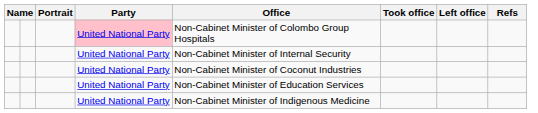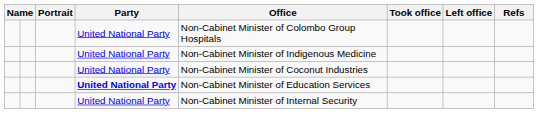 <table class="wikitable plainrowheaders sortable" style="font-size:90%; text-align:left;">
 <tr>
 <th scope=col colspan="2">Name</th>
 <th scope=col class=unsortable>Portrait</th>
 <th scope=col>Party</th>
 <th scope=col width=300px>Office</th>
 <th scope=col>Took office</th>
 <th scope=col>Left office</th>
 <th scope=col width=50px class=unsortable>Refs</th>
 </tr>
 <tr>
 <td !align="center" style="background:"></td>
 <td></td>
 <td align=center></td>
-<td style="background: pink;"><a href='#'>United National Party</a></td>
+<td><a href='#'>United National Party</a></td>
 <td>Non-Cabinet Minister of Colombo Group Hospitals</td>
 <td align=center></td>
 <td></td>
 <td align=center></td>
 </tr>
 <tr>
 <td !align="center" style="background:"></td>
 <td></td>
 <td align=center></td>
 <td><a href='#'>United National Party</a></td>
-<td>Non-Cabinet Minister of Internal Security</td>
+<td>Non-Cabinet Minister of Indigenous Medicine</td>
 <td align=center></td>
 <td></td>
 <td align=center></td>
 </tr>
 <tr>
 <td !align="center" style="background:"></td>
 <td></td>
 <td align=center></td>
 <td><a href='#'>United National Party</a></td>
 <td>Non-Cabinet Minister of Coconut Industries</td>
 <td align=center></td>
 <td></td>
 <td align=center></td>
 </tr>
 <tr>
 <td !align="center" style="background:"></td>
 <td></td>
 <td align=center></td>
-<td><a href='#'>United National Party</a></td>
+<td><strong><a href='#'>United National Party</a></strong></td>
 <td>Non-Cabinet Minister of Education Services</td>
 <td align=center></td>
 <td></td>
 <td align=center></td>
 </tr>
 <tr>
 <td !align="center" style="background:"></td>
 <td></td>
 <td align=center></td>
 <td><a href='#'>United National Party</a></td>
-<td>Non-Cabinet Minister of Indigenous Medicine</td>
+<td>Non-Cabinet Minister of Internal Security</td>
 <td align=center></td>
 <td></td>
 <td align=center></td>
 </tr>
 </table>
